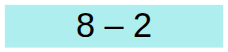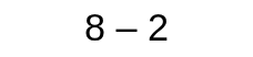 <table style="text-align:center">
 <tr>
 <th width=200></th>
 <th width=100></th>
 <th width=200></th>
 </tr>
 <tr>
 <td align=right><strong></strong></td>
-<td style="background: paleturquoise;">8 – 2</td>
+<td>8 – 2</td>
 <td align=left></td>
 </tr>
 </table>
